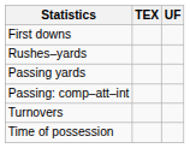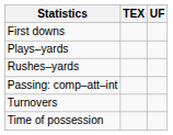 <table class="wikitable" style="float:left">
 <tr>
 <th>Statistics</th>
 <th>TEX</th>
 <th>UF</th>
 </tr>
 <tr>
 <td>First downs</td>
 <td></td>
 <td></td>
 </tr>
 <tr>
-<td>Rushes–yards</td>
+<td>Plays–yards</td>
 <td></td>
 <td></td>
 </tr>
 <tr>
-<td>Passing yards</td>
+<td>Rushes–yards</td>
 <td></td>
 <td></td>
 </tr>
 <tr>
 <td>Passing: comp–att–int</td>
 <td></td>
 <td></td>
 </tr>
 <tr>
 <td>Turnovers</td>
 <td></td>
 <td></td>
 </tr>
 <tr>
 <td>Time of possession</td>
 <td></td>
 <td></td>
 </tr>
 </table>
